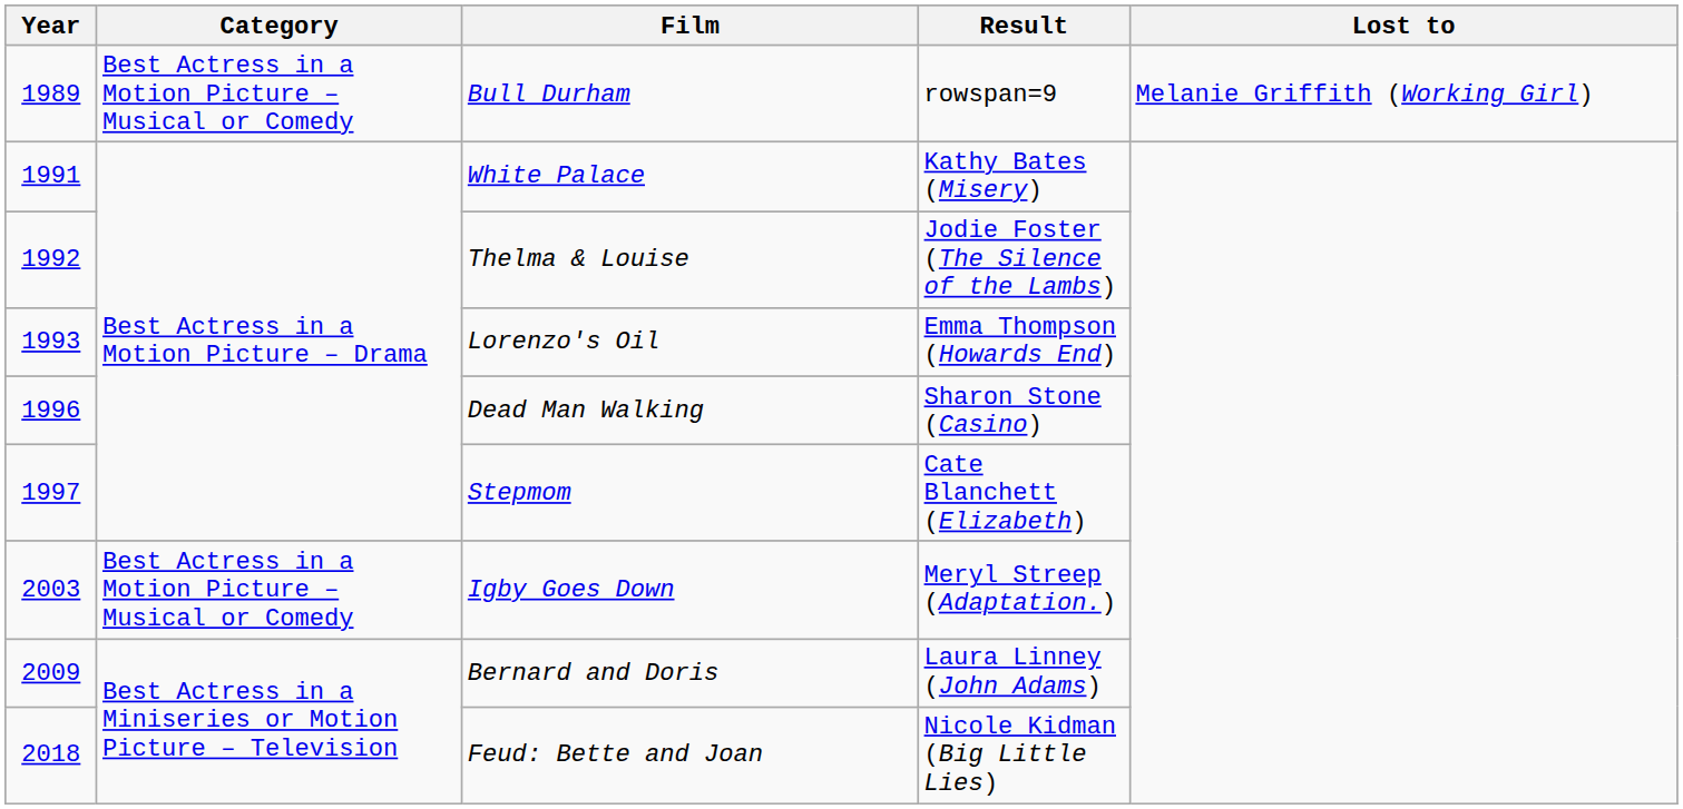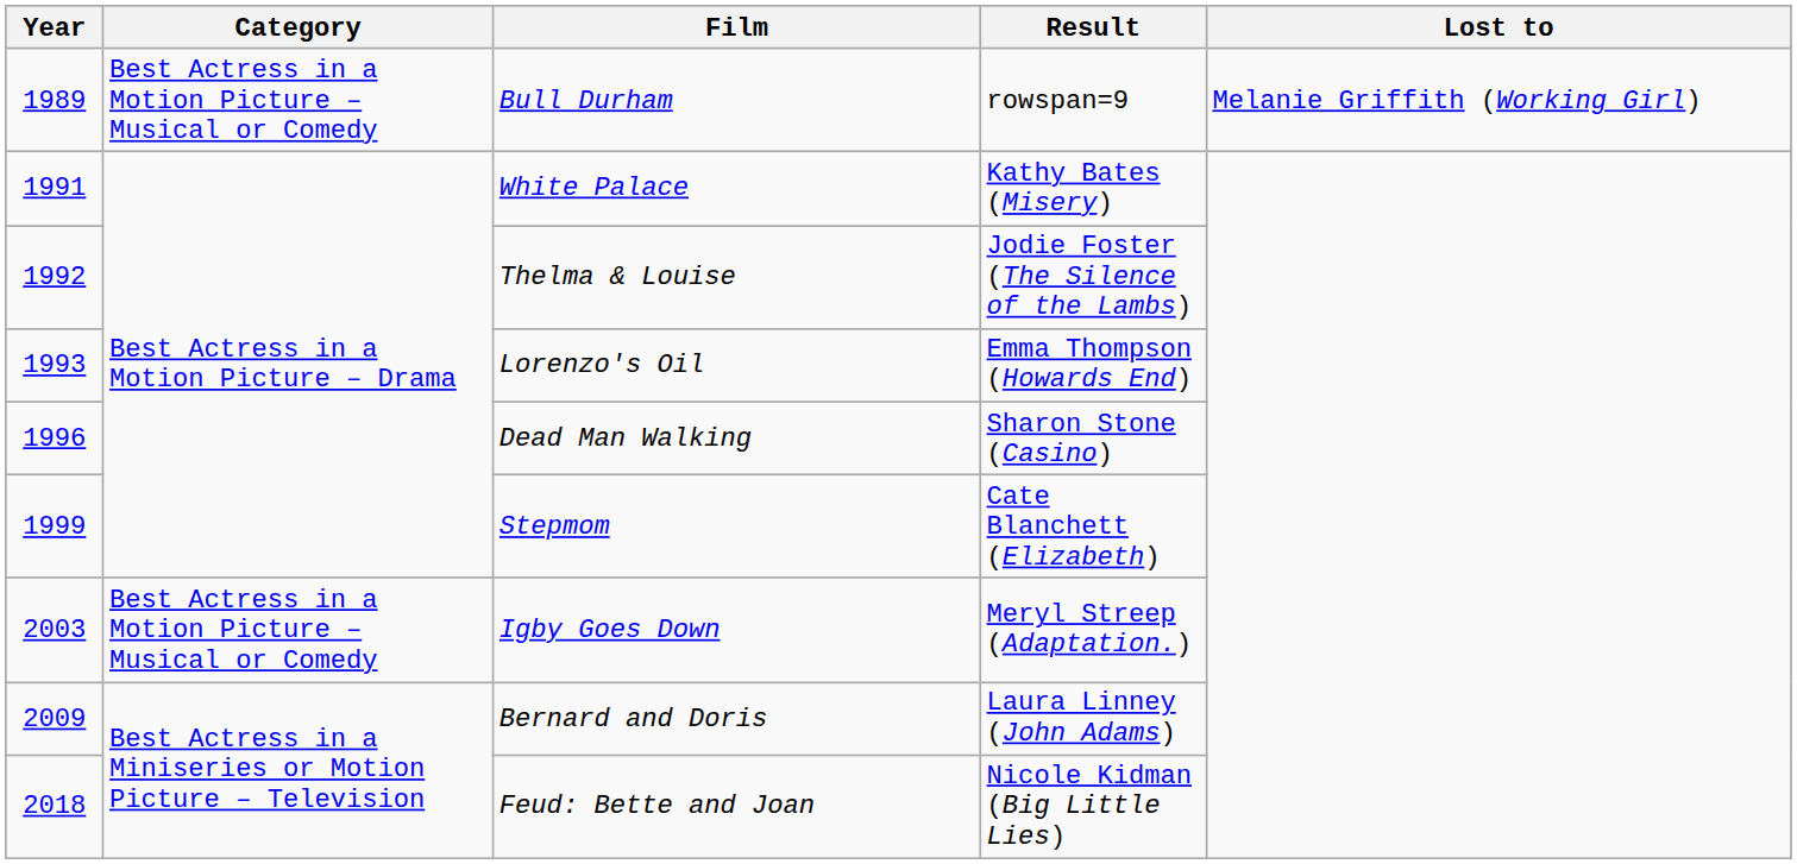 <table class="wikitable" width="100%" cellpadding="5">
 <tr>
 <th width="5%">Year</th>
 <th width="20%">Category</th>
 <th width="25%">Film</th>
 <th width="5%">Result</th>
 <th width="30%">Lost to</th>
 </tr>
 <tr>
 <td style="text-align:center;"><a href='#'>1989</a></td>
 <td><a href='#'>Best Actress in a Motion Picture – Musical or Comedy</a></td>
 <td><em><a href='#'>Bull Durham</a></em></td>
 <td>rowspan=9 </td>
 <td><a href='#'>Melanie Griffith</a> (<em><a href='#'>Working Girl</a></em>)</td>
 </tr>
 <tr>
 <td style="text-align:center;"><a href='#'>1991</a></td>
 <td rowspan=5><a href='#'>Best Actress in a Motion Picture – Drama</a></td>
 <td><em><a href='#'>White Palace</a></em></td>
 <td><a href='#'>Kathy Bates</a> (<em><a href='#'>Misery</a></em>)</td>
 </tr>
 <tr>
 <td style="text-align:center;"><a href='#'>1992</a></td>
 <td><em>Thelma & Louise</em></td>
 <td><a href='#'>Jodie Foster</a> (<em><a href='#'>The Silence of the Lambs</a></em>)</td>
 </tr>
 <tr>
 <td style="text-align:center;"><a href='#'>1993</a></td>
 <td><em>Lorenzo's Oil</em></td>
 <td><a href='#'>Emma Thompson</a> (<em><a href='#'>Howards End</a></em>)</td>
 </tr>
 <tr>
 <td style="text-align:center;"><a href='#'>1996</a></td>
 <td><em>Dead Man Walking</em></td>
 <td><a href='#'>Sharon Stone</a> (<em><a href='#'>Casino</a></em>)</td>
 </tr>
 <tr>
-<td style="text-align:center;"><a href='#'>1997</a></td>
+<td style="text-align:center;"><a href='#'>1999</a></td>
 <td><em><a href='#'>Stepmom</a></em></td>
 <td><a href='#'>Cate Blanchett</a> (<em><a href='#'>Elizabeth</a></em>)</td>
 </tr>
 <tr>
 <td style="text-align:center;"><a href='#'>2003</a></td>
 <td><a href='#'>Best Actress in a Motion Picture – Musical or Comedy</a></td>
 <td><em><a href='#'>Igby Goes Down</a></em></td>
 <td><a href='#'>Meryl Streep</a> (<em><a href='#'>Adaptation.</a></em>)</td>
 </tr>
 <tr>
 <td style="text-align:center;"><a href='#'>2009</a></td>
 <td rowspan=2><a href='#'>Best Actress in a Miniseries or Motion Picture – Television</a></td>
 <td><em>Bernard and Doris</em></td>
 <td><a href='#'>Laura Linney</a> (<em><a href='#'>John Adams</a></em>)</td>
 </tr>
 <tr>
 <td style="text-align:center;"><a href='#'>2018</a></td>
 <td><em>Feud: Bette and Joan</em></td>
 <td><a href='#'>Nicole Kidman</a> (<em>Big Little Lies</em>)</td>
 </tr>
 </table>
